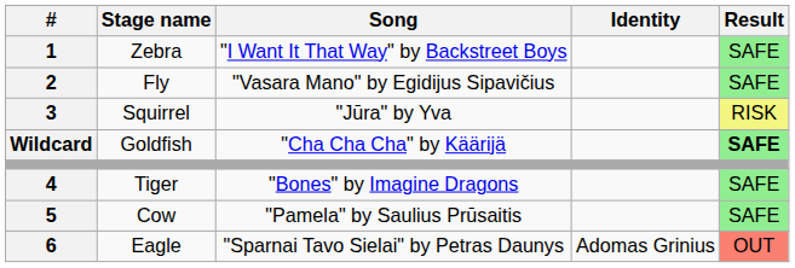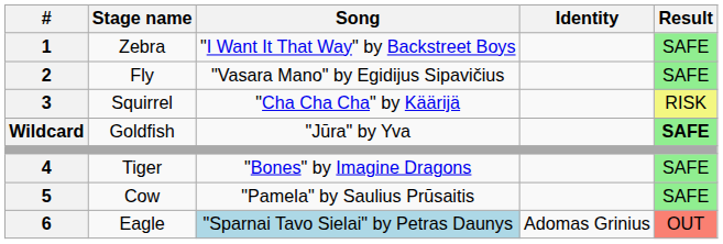 <table class="wikitable plainrowheaders" style="text-align: center;">
 <tr>
 <th>#</th>
 <th>Stage name</th>
 <th>Song</th>
 <th>Identity</th>
 <th>Result</th>
 </tr>
 <tr>
 <th>1</th>
 <td>Zebra</td>
 <td>"<a href='#'>I Want It That Way</a>" by <a href='#'>Backstreet Boys</a></td>
 <td></td>
 <td bgcolor="lightgreen">SAFE</td>
 </tr>
 <tr>
 <th>2</th>
 <td>Fly</td>
 <td>"Vasara Mano" by Egidijus Sipavičius</td>
 <td></td>
 <td bgcolor="lightgreen">SAFE</td>
 </tr>
 <tr>
 <th>3</th>
 <td>Squirrel</td>
-<td>"Jūra" by Yva</td>
+<td>"<a href='#'>Cha Cha Cha</a>" by <a href='#'>Käärijä</a></td>
 <td></td>
 <td bgcolor="#F3F781">RISK</td>
 </tr>
 <tr>
 <th>Wildcard</th>
 <td>Goldfish</td>
-<td>"<a href='#'>Cha Cha Cha</a>" by <a href='#'>Käärijä</a></td>
+<td>"Jūra" by Yva</td>
 <td></td>
 <td bgcolor="lightgreen"><strong>SAFE</strong></td>
 </tr>
 <tr>
 <td colspan="5" style="background:darkgray"></td>
 </tr>
 <tr>
 <th>4</th>
 <td>Tiger</td>
 <td>"<a href='#'>Bones</a>" by <a href='#'>Imagine Dragons</a></td>
 <td></td>
 <td bgcolor="lightgreen">SAFE</td>
 </tr>
 <tr>
 <th>5</th>
 <td>Cow</td>
 <td>"Pamela" by Saulius Prūsaitis</td>
 <td></td>
 <td bgcolor="lightgreen">SAFE</td>
 </tr>
 <tr>
 <th>6</th>
 <td>Eagle</td>
-<td>"Sparnai Tavo Sielai" by Petras Daunys</td>
+<td style="background: lightblue;">"Sparnai Tavo Sielai" by Petras Daunys</td>
 <td>Adomas Grinius</td>
 <td bgcolor="salmon">OUT</td>
 </tr>
 </table>
